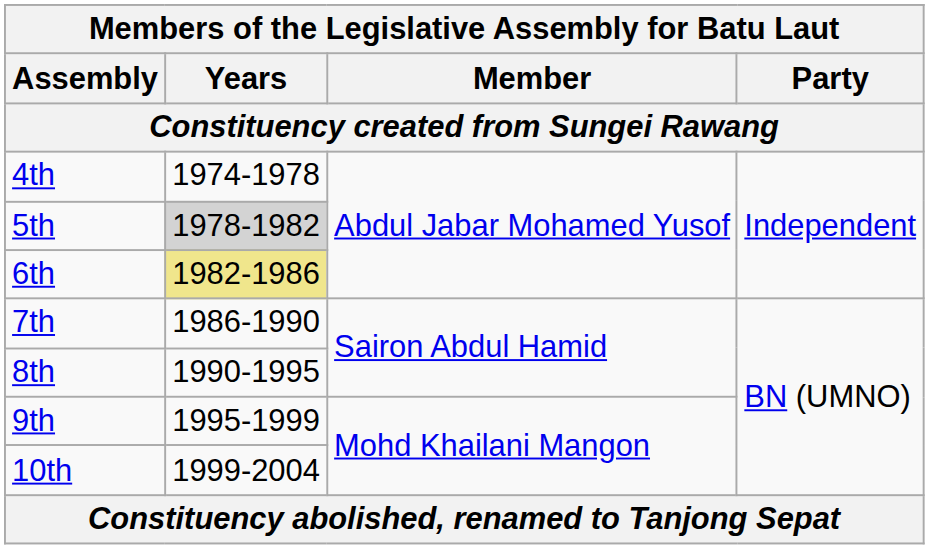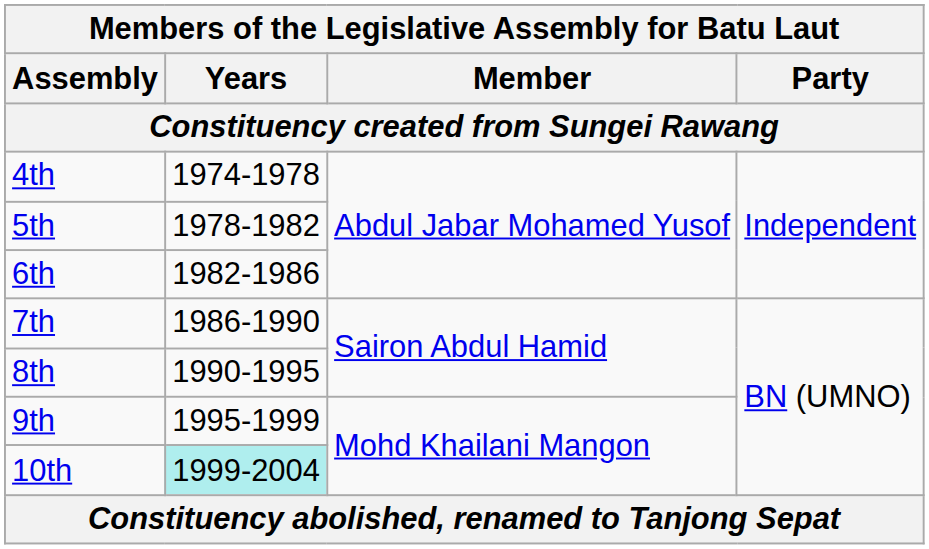 <table class=wikitable>
 <tr>
 <th colspan=4>Members of the Legislative Assembly for Batu Laut</th>
 </tr>
 <tr>
 <th>Assembly</th>
 <th>Years</th>
 <th>Member</th>
 <th>Party</th>
 </tr>
 <tr>
 <th colspan=4 align=center><em>Constituency created from Sungei Rawang</em></th>
 </tr>
 <tr>
 <td><a href='#'>4th</a></td>
 <td>1974-1978</td>
 <td rowspan=3><a href='#'>Abdul Jabar Mohamed Yusof</a></td>
 <td rowspan=3><a href='#'>Independent</a></td>
 </tr>
 <tr>
 <td><a href='#'>5th</a></td>
-<td style="background: lightgrey;">1978-1982</td>
+<td>1978-1982</td>
 </tr>
 <tr>
 <td><a href='#'>6th</a></td>
-<td style="background: khaki;">1982-1986</td>
+<td>1982-1986</td>
 </tr>
 <tr>
 <td><a href='#'>7th</a></td>
 <td>1986-1990</td>
 <td rowspan=2><a href='#'>Sairon Abdul Hamid</a></td>
 <td rowspan=4><a href='#'>BN</a> (UMNO)</td>
 </tr>
 <tr>
 <td><a href='#'>8th</a></td>
 <td>1990-1995</td>
 </tr>
 <tr>
 <td><a href='#'>9th</a></td>
 <td>1995-1999</td>
 <td rowspan=2><a href='#'>Mohd Khailani Mangon</a></td>
 </tr>
 <tr>
 <td><a href='#'>10th</a></td>
-<td>1999-2004</td>
+<td style="background: paleturquoise;">1999-2004</td>
 </tr>
 <tr>
 <th colspan=4 align=center><em>Constituency abolished, renamed to Tanjong Sepat</em></th>
 </tr>
 </table>
